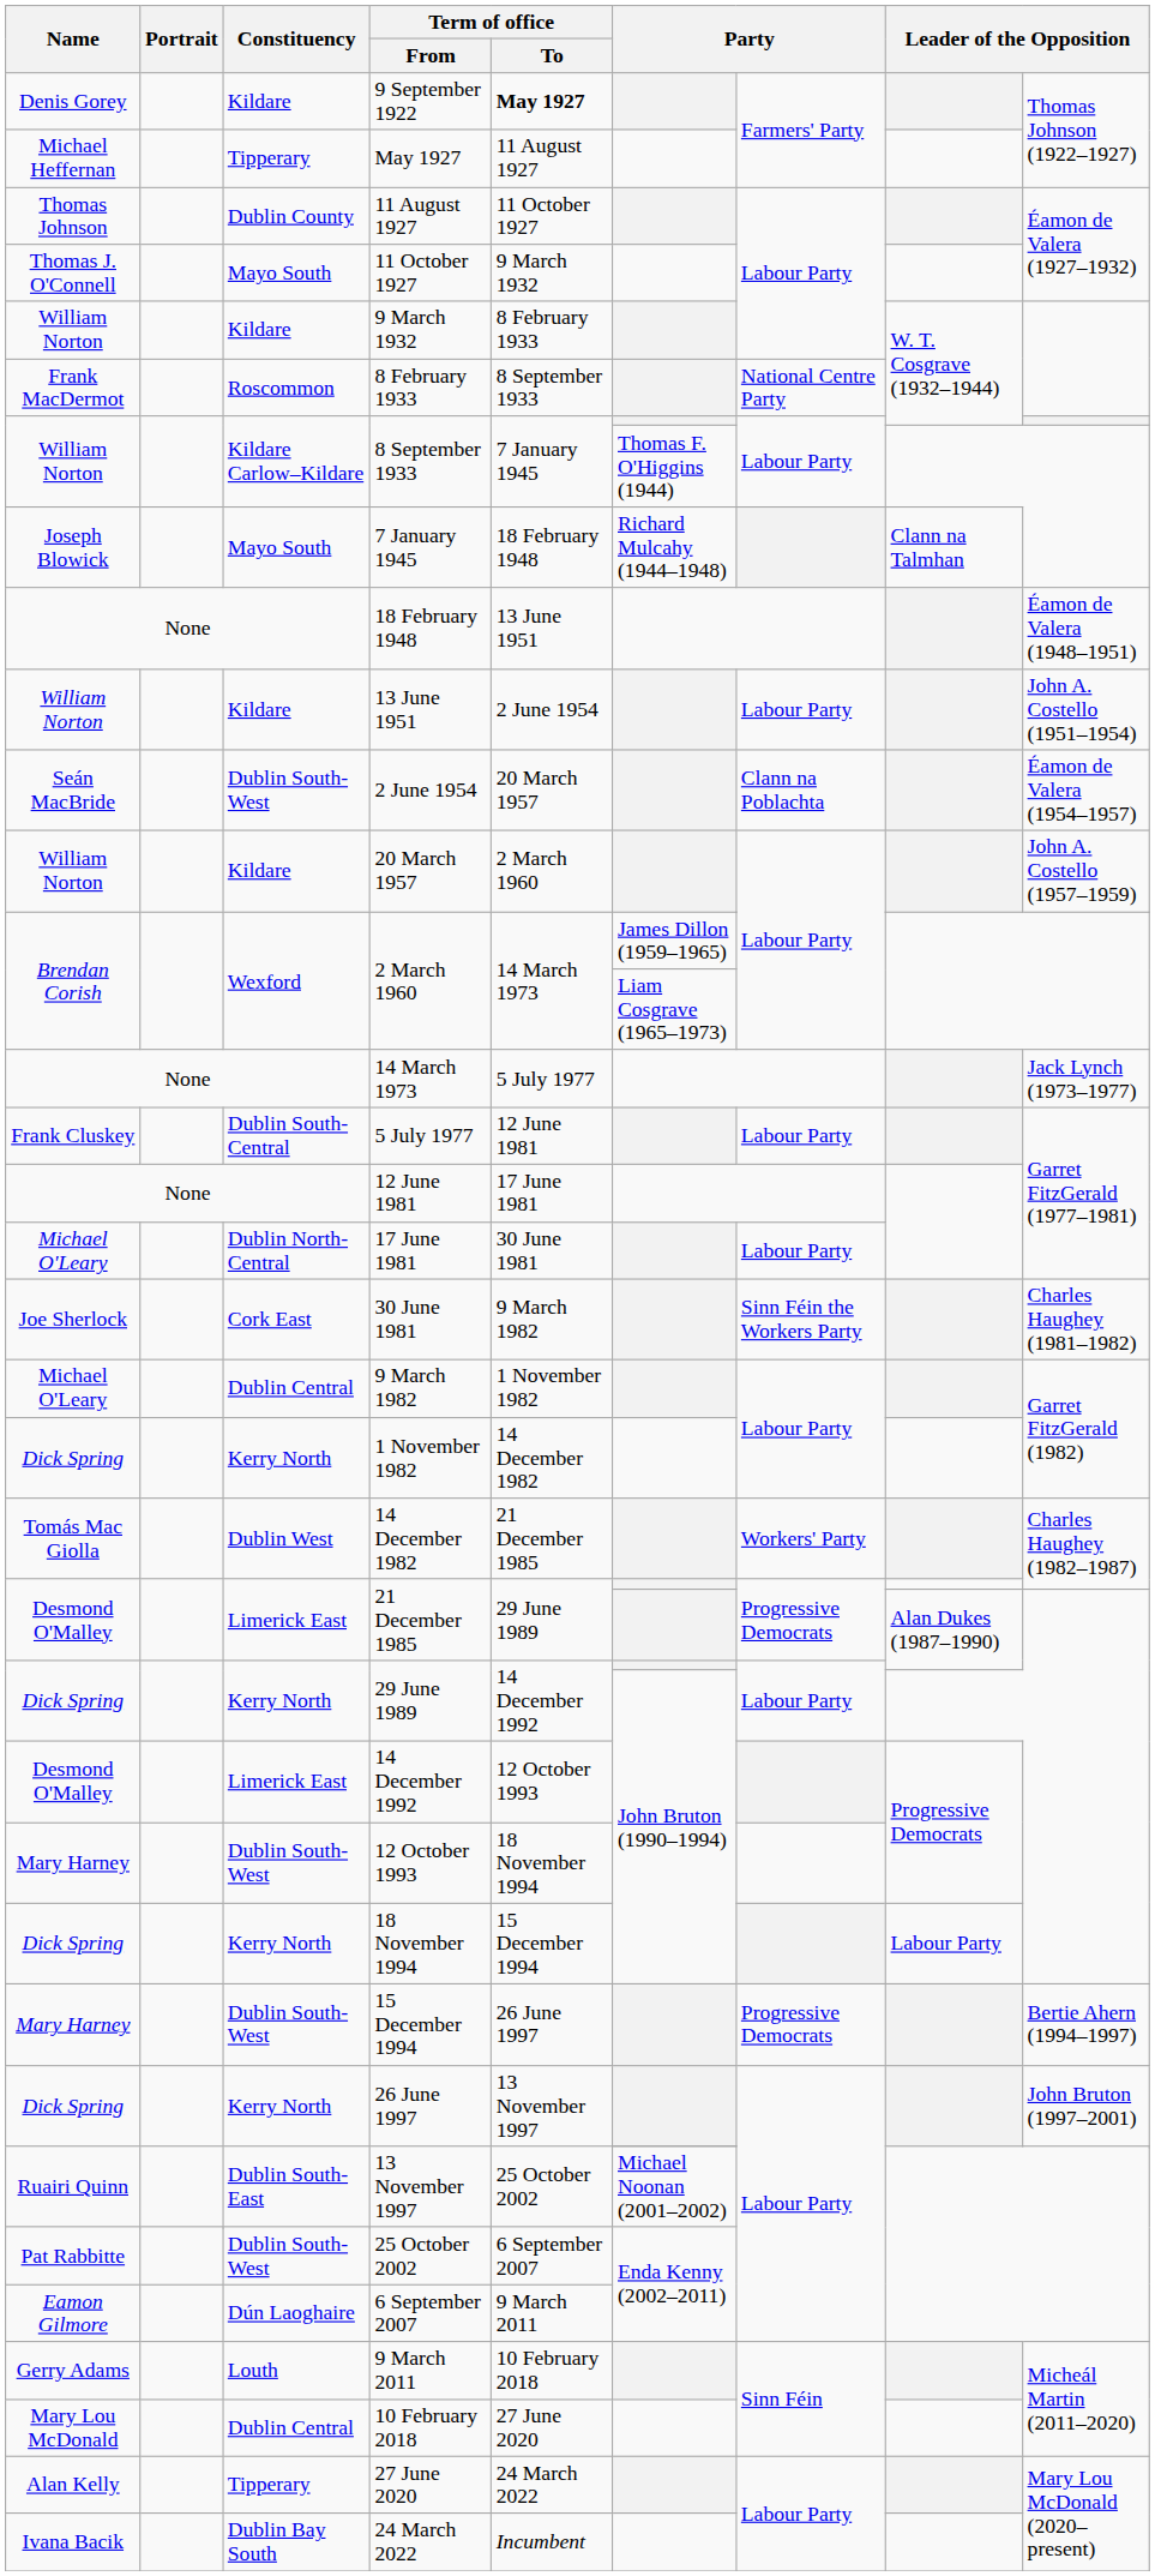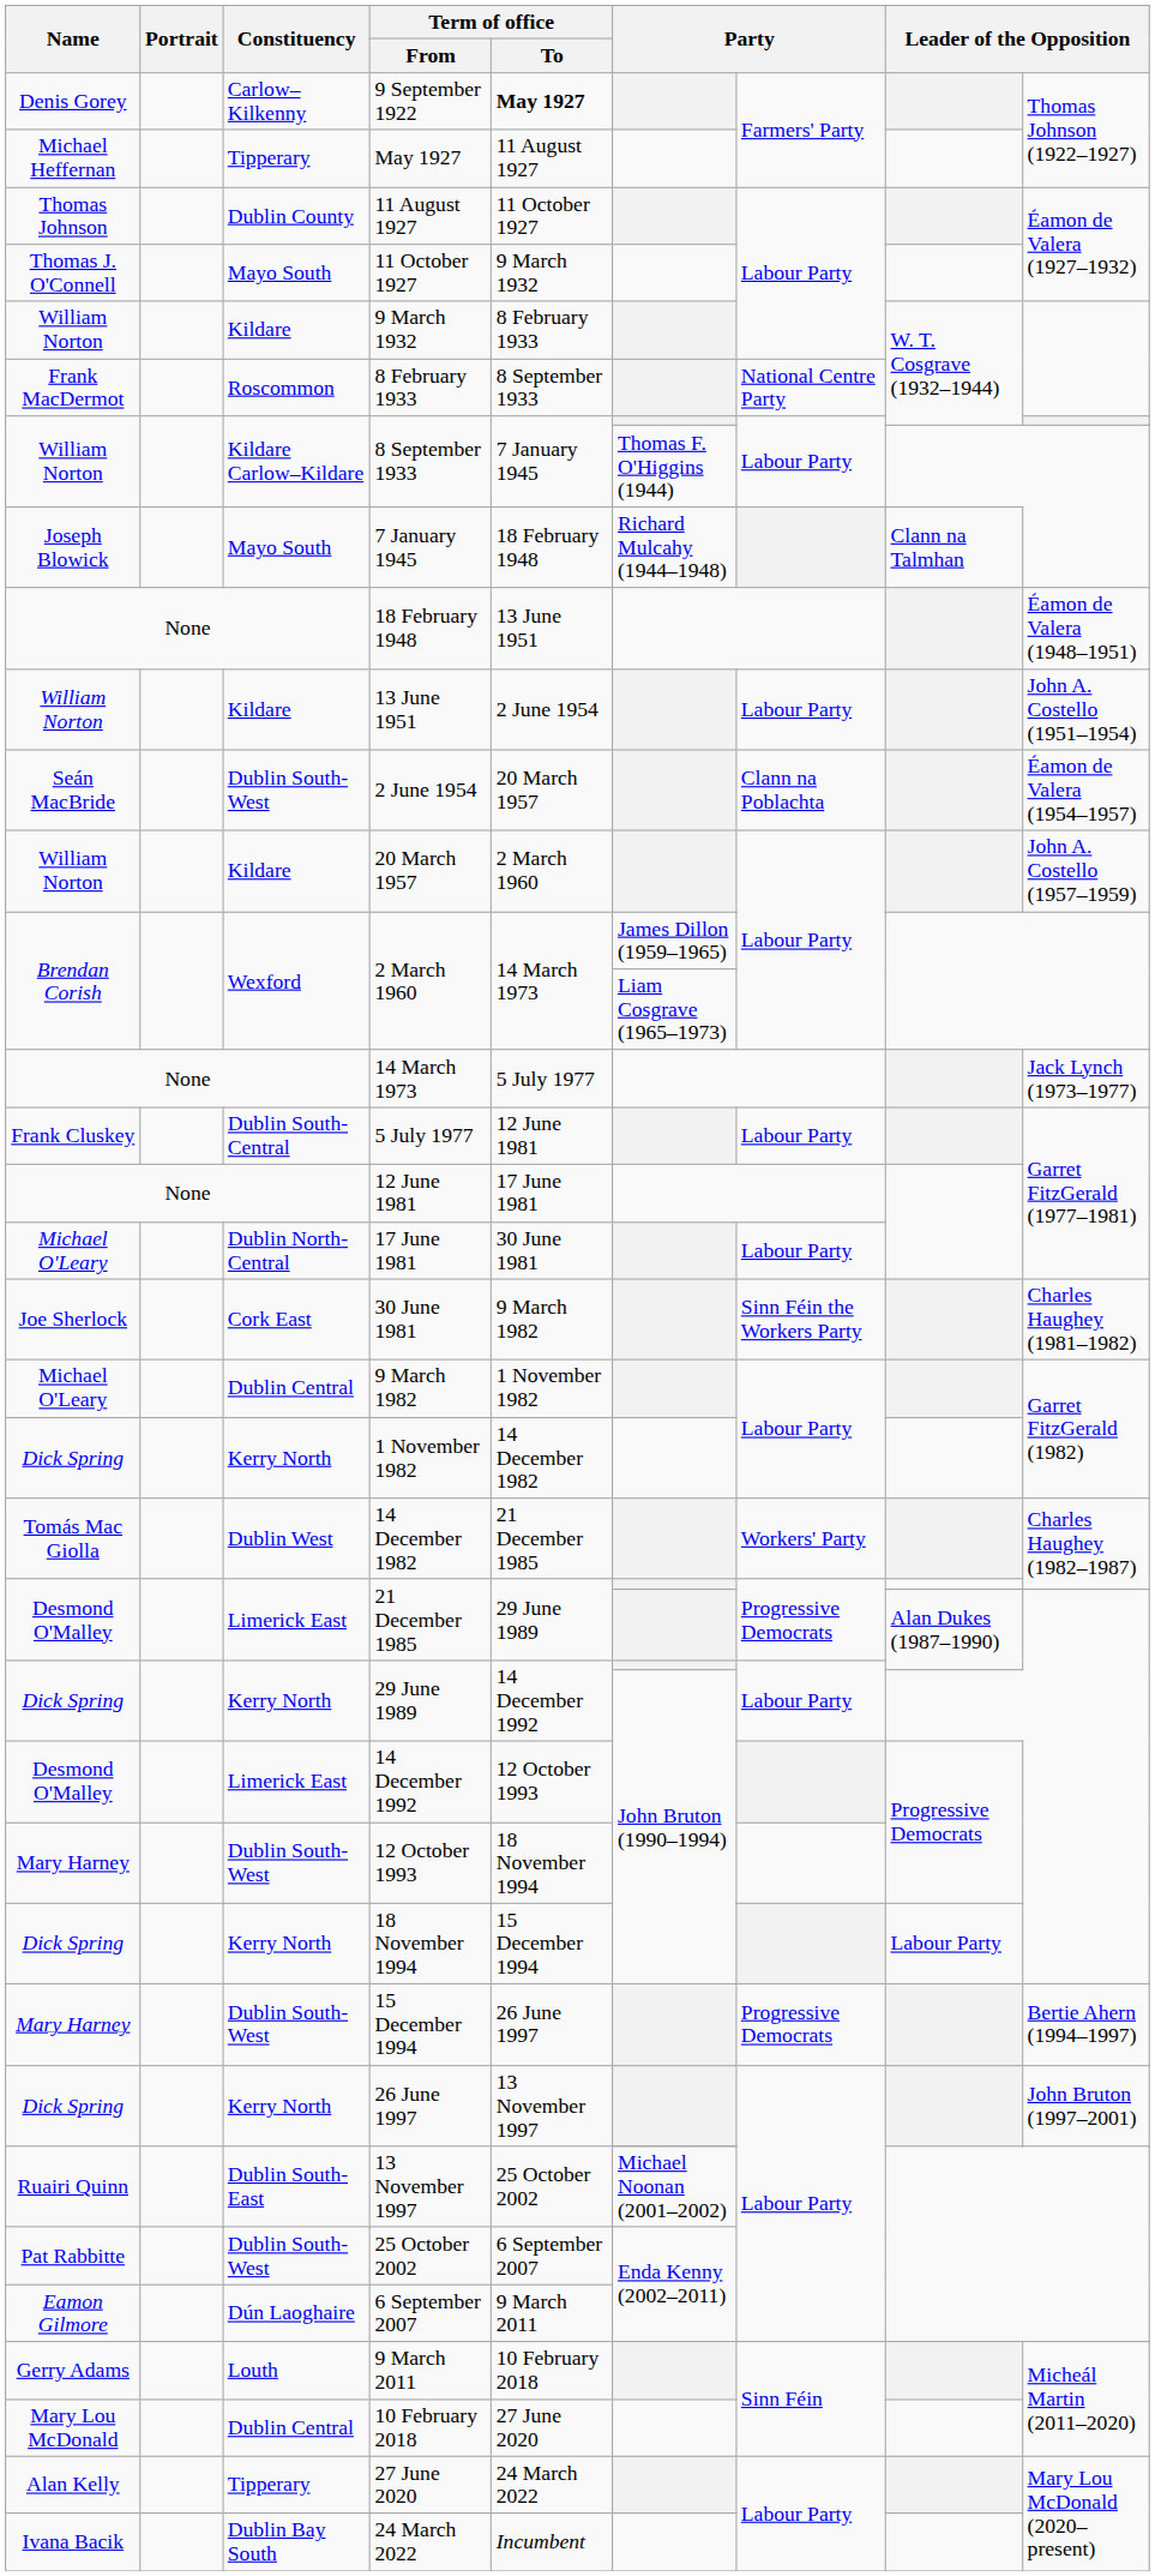 <table class="wikitable">
 <tr>
 <th rowspan=2>Name<br></th>
 <th rowspan=2>Portrait</th>
 <th rowspan=2>Constituency</th>
 <th colspan=2>Term of office</th>
 <th rowspan=2 colspan=2>Party</th>
 <th rowspan=2 colspan=2>Leader of the Opposition</th>
 </tr>
 <tr>
 <th>From</th>
 <th>To</th>
 </tr>
 <tr>
 <td align=center><a href='#'>Denis Gorey</a><br></td>
 <td></td>
-<td><a href='#'>Kildare</a></td>
+<td><a href='#'>Carlow–Kilkenny</a></td>
 <td>9 September 1922</td>
 <td><strong>May 1927</strong></td>
 <th style="background-color: "></th>
 <td rowspan=2><a href='#'>Farmers' Party</a></td>
 <th style="background-color: "></th>
 <td rowspan=2><a href='#'>Thomas Johnson</a><br>(1922–1927)</td>
 </tr>
 <tr>
 <td align=center><a href='#'>Michael Heffernan</a><br></td>
 <td></td>
 <td><a href='#'>Tipperary</a></td>
 <td>May 1927</td>
 <td>11 August 1927</td>
 </tr>
 <tr>
 <td align=center><a href='#'>Thomas Johnson</a><br></td>
 <td></td>
 <td><a href='#'>Dublin County</a></td>
 <td>11 August 1927</td>
 <td>11 October 1927</td>
 <th style="background-color: "></th>
 <td rowspan=3><a href='#'>Labour Party</a></td>
 <th style="background-color: "></th>
 <td rowspan=2><a href='#'>Éamon de Valera</a><br>(1927–1932)</td>
 </tr>
 <tr>
 <td align=center><a href='#'>Thomas J. O'Connell</a><br></td>
 <td></td>
 <td><a href='#'>Mayo South</a></td>
 <td>11 October 1927</td>
 <td>9 March 1932</td>
 </tr>
 <tr>
 <td align=center><a href='#'>William Norton</a><br></td>
 <td></td>
 <td><a href='#'>Kildare</a></td>
 <td>9 March 1932</td>
 <td>8 February 1933</td>
 <th style="background-color: "></th>
 <td rowspan=3><a href='#'>W. T. Cosgrave</a><br>(1932–1944)</td>
 </tr>
 <tr>
 <td align=center><a href='#'>Frank MacDermot</a><br></td>
 <td></td>
 <td><a href='#'>Roscommon</a></td>
 <td>8 February 1933</td>
 <td>8 September 1933</td>
 <th style="background-color: "></th>
 <td><a href='#'>National Centre Party</a></td>
 </tr>
 <tr>
 <td rowspan=3 align=center><a href='#'>William Norton</a><br></td>
 <td rowspan=3></td>
 <td rowspan=3><a href='#'>Kildare</a> <br><a href='#'>Carlow–Kildare</a> </td>
 <td rowspan=3>8 September 1933</td>
 <td rowspan=3>7 January 1945</td>
 <th style="background-color: "></th>
 <td rowspan=3><a href='#'>Labour Party</a></td>
 <th style="background-color: "></th>
 </tr>
 <tr>
 <td><a href='#'>Thomas F. O'Higgins</a><br>(1944)</td>
 </tr>
 <tr>
 <td rowspan=2><a href='#'>Richard Mulcahy</a><br>(1944–1948)</td>
 </tr>
 <tr>
 <td align=center><a href='#'>Joseph Blowick</a><br></td>
 <td></td>
 <td><a href='#'>Mayo South</a></td>
 <td>7 January 1945</td>
 <td>18 February 1948</td>
 <th style="background-color: "></th>
 <td><a href='#'>Clann na Talmhan</a></td>
 </tr>
 <tr>
 <td colspan=3 align=center>None</td>
 <td>18 February 1948</td>
 <td>13 June 1951</td>
 <td colspan=2></td>
 <th style="background-color: "></th>
 <td><a href='#'>Éamon de Valera</a><br>(1948–1951)</td>
 </tr>
 <tr>
 <td align=center><em><a href='#'>William Norton</a></em><br></td>
 <td></td>
 <td><a href='#'>Kildare</a></td>
 <td>13 June 1951</td>
 <td>2 June 1954</td>
 <th style="background-color: "></th>
 <td><a href='#'>Labour Party</a></td>
 <th style="background-color: "></th>
 <td><a href='#'>John A. Costello</a><br>(1951–1954)</td>
 </tr>
 <tr>
 <td align=center><a href='#'>Seán MacBride</a><br></td>
 <td></td>
 <td><a href='#'>Dublin South-West</a></td>
 <td>2 June 1954</td>
 <td>20 March 1957</td>
 <th style="background-color: "></th>
 <td><a href='#'>Clann na Poblachta</a></td>
 <th style="background-color: "></th>
 <td><a href='#'>Éamon de Valera</a><br>(1954–1957)</td>
 </tr>
 <tr>
 <td rowspan=2 align=center><a href='#'>William Norton</a><br></td>
 <td rowspan=2></td>
 <td rowspan=2><a href='#'>Kildare</a></td>
 <td rowspan=2>20 March 1957</td>
 <td rowspan=2>2 March 1960</td>
 <th style="background-color: "></th>
 <td rowspan=4><a href='#'>Labour Party</a></td>
 <th style="background-color: "></th>
 <td><a href='#'>John A. Costello</a><br>(1957–1959)</td>
 </tr>
 <tr>
 <td rowspan=2><a href='#'>James Dillon</a><br>(1959–1965)</td>
 </tr>
 <tr>
 <td rowspan=2 align=center><em><a href='#'>Brendan Corish</a></em><br></td>
 <td rowspan=2></td>
 <td rowspan=2><a href='#'>Wexford</a></td>
 <td rowspan=2>2 March 1960</td>
 <td rowspan=2>14 March 1973</td>
 </tr>
 <tr>
 <td><a href='#'>Liam Cosgrave</a><br>(1965–1973)</td>
 </tr>
 <tr>
 <td colspan=3 align=center>None</td>
 <td>14 March 1973</td>
 <td>5 July 1977</td>
 <td colspan=2></td>
 <th style="background-color: "></th>
 <td><a href='#'>Jack Lynch</a><br>(1973–1977)</td>
 </tr>
 <tr>
 <td align=center><a href='#'>Frank Cluskey</a><br></td>
 <td></td>
 <td><a href='#'>Dublin South-Central</a></td>
 <td>5 July 1977</td>
 <td>12 June 1981</td>
 <th style="background-color: "></th>
 <td><a href='#'>Labour Party</a></td>
 <th style="background-color: "></th>
 <td rowspan=3><a href='#'>Garret FitzGerald</a><br>(1977–1981)</td>
 </tr>
 <tr>
 <td colspan=3 align=center>None</td>
 <td>12 June 1981</td>
 <td>17 June 1981</td>
 <td colspan=2></td>
 </tr>
 <tr>
 <td align=center><em><a href='#'>Michael O'Leary</a></em><br></td>
 <td></td>
 <td><a href='#'>Dublin North-Central</a></td>
 <td>17 June 1981</td>
 <td>30 June 1981</td>
 <th style="background-color: "></th>
 <td><a href='#'>Labour Party</a></td>
 </tr>
 <tr>
 <td align=center><a href='#'>Joe Sherlock</a><br></td>
 <td></td>
 <td><a href='#'>Cork East</a></td>
 <td>30 June 1981</td>
 <td>9 March 1982</td>
 <th style="background-color: "></th>
 <td><a href='#'>Sinn Féin the Workers Party</a></td>
 <th style="background-color: "></th>
 <td><a href='#'>Charles Haughey</a><br>(1981–1982)</td>
 </tr>
 <tr>
 <td align=center><a href='#'>Michael O'Leary</a><br></td>
 <td></td>
 <td><a href='#'>Dublin Central</a></td>
 <td>9 March 1982</td>
 <td>1 November 1982</td>
 <th style="background-color: "></th>
 <td rowspan=2><a href='#'>Labour Party</a></td>
 <th style="background-color: "></th>
 <td rowspan=2><a href='#'>Garret FitzGerald</a><br>(1982)</td>
 </tr>
 <tr>
 <td align=center><em><a href='#'>Dick Spring</a></em><br></td>
 <td></td>
 <td><a href='#'>Kerry North</a></td>
 <td>1 November 1982</td>
 <td>14 December 1982</td>
 </tr>
 <tr>
 <td align=center><a href='#'>Tomás Mac Giolla</a><br></td>
 <td></td>
 <td><a href='#'>Dublin West</a></td>
 <td>14 December 1982</td>
 <td>21 December 1985</td>
 <th style="background-color: "></th>
 <td><a href='#'>Workers' Party</a></td>
 <th style="background-color: "></th>
 <td rowspan=2><a href='#'>Charles Haughey</a><br>(1982–1987)</td>
 </tr>
 <tr>
 <td rowspan=2 align=center><a href='#'>Desmond O'Malley</a><br></td>
 <td rowspan=2></td>
 <td rowspan=2><a href='#'>Limerick East</a></td>
 <td rowspan=2>21 December 1985</td>
 <td rowspan=2>29 June 1989</td>
 <th style="background-color: "></th>
 <td rowspan=2><a href='#'>Progressive Democrats</a></td>
 </tr>
 <tr>
 <th style="background-color: "></th>
 <td rowspan=2><a href='#'>Alan Dukes</a><br>(1987–1990)</td>
 </tr>
 <tr>
 <td rowspan=2 align=center><em><a href='#'>Dick Spring</a></em><br></td>
 <td rowspan=2></td>
 <td rowspan=2><a href='#'>Kerry North</a></td>
 <td rowspan=2>29 June 1989</td>
 <td rowspan=2>14 December 1992</td>
 <th style="background-color: "></th>
 <td rowspan=2><a href='#'>Labour Party</a></td>
 </tr>
 <tr>
 <td rowspan=4><a href='#'>John Bruton</a><br>(1990–1994)</td>
 </tr>
 <tr>
 <td align=center><a href='#'>Desmond O'Malley</a><br></td>
 <td></td>
 <td><a href='#'>Limerick East</a></td>
 <td>14 December 1992</td>
 <td>12 October 1993</td>
 <th style="background-color: "></th>
 <td rowspan=2><a href='#'>Progressive Democrats</a></td>
 </tr>
 <tr>
 <td align=center><a href='#'>Mary Harney</a><br></td>
 <td></td>
 <td><a href='#'>Dublin South-West</a></td>
 <td>12 October 1993</td>
 <td>18 November 1994</td>
 </tr>
 <tr>
 <td align=center><em><a href='#'>Dick Spring</a></em><br></td>
 <td></td>
 <td><a href='#'>Kerry North</a></td>
 <td>18 November 1994</td>
 <td>15 December 1994</td>
 <th style="background-color: "></th>
 <td><a href='#'>Labour Party</a></td>
 </tr>
 <tr>
 <td align=center><em><a href='#'>Mary Harney</a></em><br></td>
 <td></td>
 <td><a href='#'>Dublin South-West</a></td>
 <td>15 December 1994</td>
 <td>26 June 1997</td>
 <th style="background-color: "></th>
 <td><a href='#'>Progressive Democrats</a></td>
 <th style="background-color: "></th>
 <td><a href='#'>Bertie Ahern</a><br>(1994–1997)</td>
 </tr>
 <tr>
 <td align=center><em><a href='#'>Dick Spring</a></em><br></td>
 <td></td>
 <td><a href='#'>Kerry North</a></td>
 <td>26 June 1997</td>
 <td>13 November 1997</td>
 <th style="background-color: "></th>
 <td rowspan=6><a href='#'>Labour Party</a></td>
 <th style="background-color: "></th>
 <td rowspan=2><a href='#'>John Bruton</a><br>(1997–2001)</td>
 </tr>
 <tr>
 <td rowspan=3 align=center><a href='#'>Ruairi Quinn</a><br></td>
 <td rowspan=3></td>
 <td rowspan=3><a href='#'>Dublin South-East</a></td>
 <td rowspan=3>13 November 1997</td>
 <td rowspan=3>25 October 2002</td>
 </tr>
 <tr>
 <td><a href='#'>Michael Noonan</a><br>(2001–2002)</td>
 </tr>
 <tr>
 <td rowspan=3><a href='#'>Enda Kenny</a><br>(2002–2011)</td>
 </tr>
 <tr>
 <td align=center><a href='#'>Pat Rabbitte</a><br></td>
 <td></td>
 <td><a href='#'>Dublin South-West</a></td>
 <td>25 October 2002</td>
 <td>6 September 2007</td>
 </tr>
 <tr>
 <td align=center><em><a href='#'>Eamon Gilmore</a></em><br></td>
 <td></td>
 <td><a href='#'>Dún Laoghaire</a></td>
 <td>6 September 2007</td>
 <td>9 March 2011</td>
 </tr>
 <tr>
 <td align=center><a href='#'>Gerry Adams</a><br></td>
 <td></td>
 <td><a href='#'>Louth</a></td>
 <td>9 March 2011</td>
 <td>10 February 2018</td>
 <th style="background-color: "></th>
 <td rowspan=2><a href='#'>Sinn Féin</a></td>
 <th style="background-color: "></th>
 <td rowspan=2><a href='#'>Micheál Martin</a><br>(2011–2020)</td>
 </tr>
 <tr>
 <td align=center><a href='#'>Mary Lou McDonald</a><br></td>
 <td></td>
 <td><a href='#'>Dublin Central</a></td>
 <td>10 February 2018</td>
 <td>27 June 2020</td>
 </tr>
 <tr>
 <td align=center><a href='#'>Alan Kelly</a><br></td>
 <td></td>
 <td><a href='#'>Tipperary</a></td>
 <td>27 June 2020</td>
 <td>24 March 2022</td>
 <th style="background-color: "></th>
 <td rowspan=2><a href='#'>Labour Party</a></td>
 <th style="background-color: "></th>
 <td rowspan=2><a href='#'>Mary Lou McDonald</a><br>(2020–present)</td>
 </tr>
 <tr>
 <td align=center><a href='#'>Ivana Bacik</a><br></td>
 <td></td>
 <td><a href='#'>Dublin Bay South</a></td>
 <td>24 March 2022</td>
 <td><em>Incumbent</em></td>
 </tr>
 </table>
